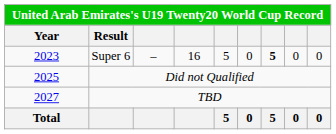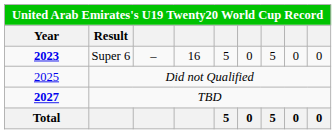 <table class="wikitable" style="font-size:90%; text-align:center">
 <tr>
 <th style="color:white; background:#00C301;" colspan=9>United Arab Emirates's U19 Twenty20 World Cup Record</th>
 </tr>
 <tr>
 <th width="90">Year</th>
 <th>Result</th>
 <th width="40"></th>
 <th width="40"></th>
 <th width="20"></th>
 <th width="20"></th>
 <th width="20"></th>
 <th width="20"></th>
 <th width="20"></th>
 </tr>
 <tr>
-<td> <a href='#'>2023</a></td>
+<td><strong> <a href='#'>2023</a></strong></td>
 <td>Super 6</td>
 <td>–</td>
 <td>16</td>
 <td>5</td>
 <td>0</td>
-<td><strong>5</strong></td>
+<td>5</td>
 <td>0</td>
 <td>0</td>
 </tr>
 <tr>
 <td> <a href='#'>2025</a></td>
 <td colspan="8"><em>Did not Qualified</em></td>
 </tr>
 <tr>
-<td> <a href='#'>2027</a></td>
+<td><strong> <a href='#'>2027</a></strong></td>
 <td colspan="8"><em>TBD</em></td>
 </tr>
 <tr>
 <th>Total</th>
 <th></th>
 <th></th>
 <th></th>
 <th>5</th>
 <th>0</th>
 <th>5</th>
 <th>0</th>
 <th>0</th>
 </tr>
 </table>
